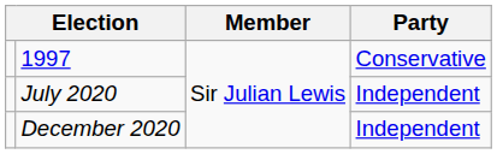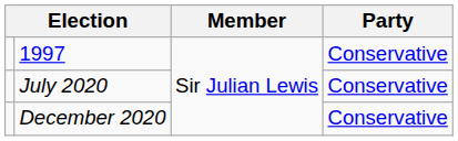 <table class="wikitable">
 <tr>
 <th colspan="2">Election</th>
 <th>Member</th>
 <th>Party</th>
 </tr>
 <tr>
 <td style="color:inherit;background-color: "></td>
 <td><a href='#'>1997</a></td>
 <td rowspan="3">Sir <a href='#'>Julian Lewis</a></td>
 <td><a href='#'>Conservative</a></td>
 </tr>
 <tr>
 <td style="color:inherit;background-color: "></td>
 <td><em>July 2020</em></td>
-<td><a href='#'>Independent</a></td>
+<td><a href='#'>Conservative</a></td>
 </tr>
 <tr>
 <td style="color:inherit;background-color: "></td>
 <td><em>December 2020</em></td>
-<td><a href='#'>Independent</a></td>
+<td><a href='#'>Conservative</a></td>
 </tr>
 </table>
